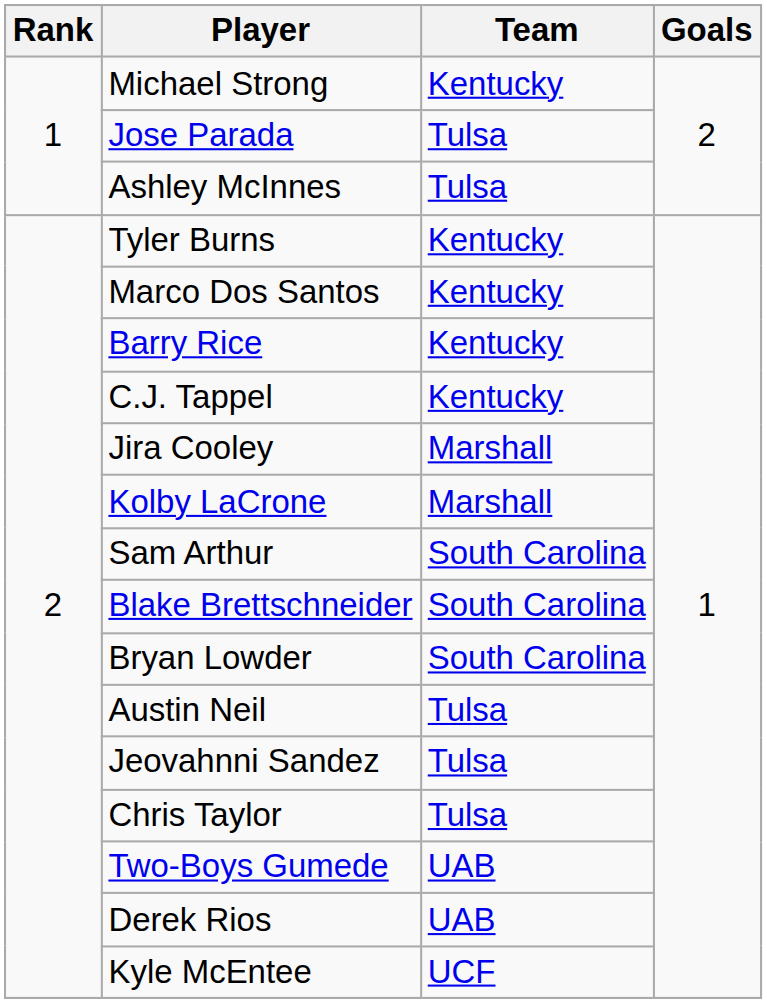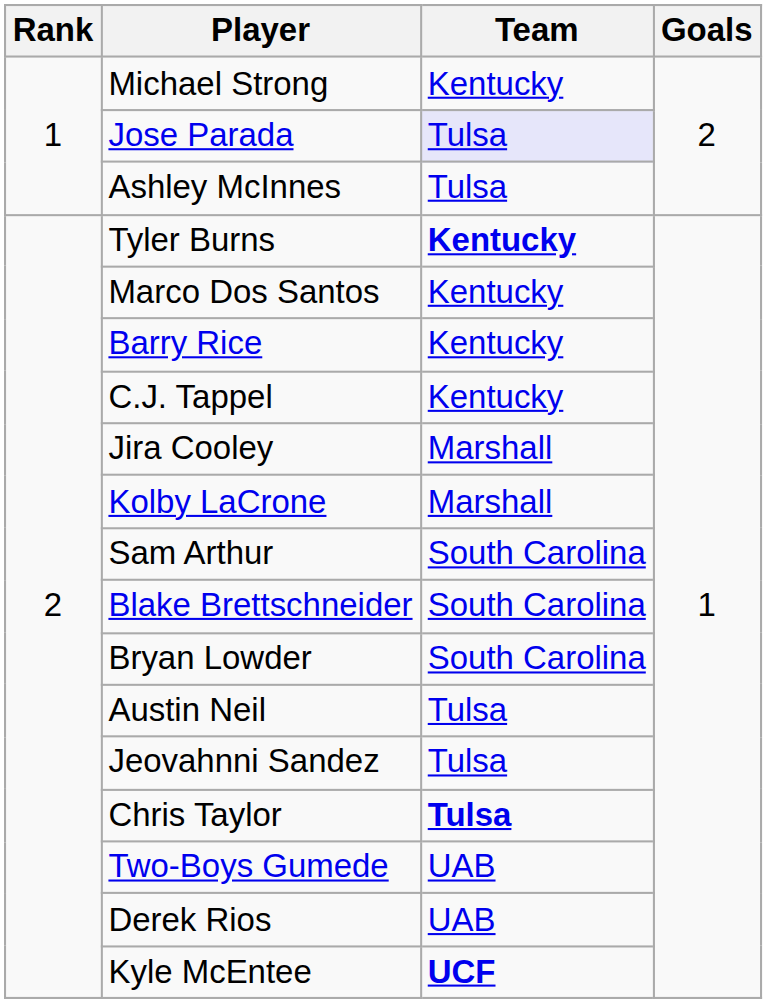 <table class="wikitable" style="text-align:center">
 <tr>
 <th>Rank</th>
 <th>Player</th>
 <th>Team</th>
 <th>Goals</th>
 </tr>
 <tr>
 <td rowspan=3>1</td>
 <td align=left>Michael Strong</td>
 <td align=left><a href='#'>Kentucky</a></td>
 <td rowspan=3>2</td>
 </tr>
 <tr>
 <td align=left><a href='#'>Jose Parada</a></td>
-<td align=left><a href='#'>Tulsa</a></td>
+<td align=left style="background: lavender;"><a href='#'>Tulsa</a></td>
 </tr>
 <tr>
 <td align=left>Ashley McInnes</td>
 <td align=left><a href='#'>Tulsa</a></td>
 </tr>
 <tr>
 <td rowspan=15>2</td>
 <td align=left>Tyler Burns</td>
-<td align=left><a href='#'>Kentucky</a></td>
+<td align=left><strong><a href='#'>Kentucky</a></strong></td>
 <td rowspan=15>1</td>
 </tr>
 <tr>
 <td align=left>Marco Dos Santos</td>
 <td align=left><a href='#'>Kentucky</a></td>
 </tr>
 <tr>
 <td align=left><a href='#'>Barry Rice</a></td>
 <td align=left><a href='#'>Kentucky</a></td>
 </tr>
 <tr>
 <td align=left>C.J. Tappel</td>
 <td align=left><a href='#'>Kentucky</a></td>
 </tr>
 <tr>
 <td align=left>Jira Cooley</td>
 <td align=left><a href='#'>Marshall</a></td>
 </tr>
 <tr>
 <td align=left><a href='#'>Kolby LaCrone</a></td>
 <td align=left><a href='#'>Marshall</a></td>
 </tr>
 <tr>
 <td align=left>Sam Arthur</td>
 <td align=left><a href='#'>South Carolina</a></td>
 </tr>
 <tr>
 <td align=left><a href='#'>Blake Brettschneider</a></td>
 <td align=left><a href='#'>South Carolina</a></td>
 </tr>
 <tr>
 <td align=left>Bryan Lowder</td>
 <td align=left><a href='#'>South Carolina</a></td>
 </tr>
 <tr>
 <td align=left>Austin Neil</td>
 <td align=left><a href='#'>Tulsa</a></td>
 </tr>
 <tr>
 <td align=left>Jeovahnni Sandez</td>
 <td align=left><a href='#'>Tulsa</a></td>
 </tr>
 <tr>
 <td align=left>Chris Taylor</td>
-<td align=left><a href='#'>Tulsa</a></td>
+<td align=left><strong><a href='#'>Tulsa</a></strong></td>
 </tr>
 <tr>
 <td align=left><a href='#'>Two-Boys Gumede</a></td>
 <td align=left><a href='#'>UAB</a></td>
 </tr>
 <tr>
 <td align=left>Derek Rios</td>
 <td align=left><a href='#'>UAB</a></td>
 </tr>
 <tr>
 <td align=left>Kyle McEntee</td>
-<td align=left><a href='#'>UCF</a></td>
+<td align=left><strong><a href='#'>UCF</a></strong></td>
 </tr>
 </table>
